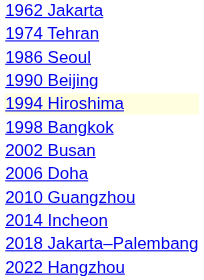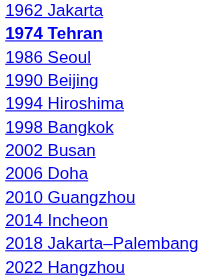 <table>
 <tr>
 <td><a href='#'>1962 Jakarta</a></td>
 <td></td>
 <td></td>
 <td></td>
 </tr>
 <tr>
-<td><a href='#'>1974 Tehran</a></td>
+<td><strong><a href='#'>1974 Tehran</a></strong></td>
 <td></td>
 <td></td>
 <td></td>
 </tr>
 <tr>
 <td><a href='#'>1986 Seoul</a></td>
 <td></td>
 <td></td>
 <td></td>
 </tr>
 <tr>
 <td><a href='#'>1990 Beijing</a></td>
 <td></td>
 <td></td>
 <td></td>
 </tr>
 <tr>
-<td style="background: lightyellow;"><a href='#'>1994 Hiroshima</a></td>
+<td><a href='#'>1994 Hiroshima</a></td>
 <td></td>
 <td></td>
 <td></td>
 </tr>
 <tr>
 <td><a href='#'>1998 Bangkok</a></td>
 <td></td>
 <td></td>
 <td></td>
 </tr>
 <tr>
 <td><a href='#'>2002 Busan</a></td>
 <td></td>
 <td></td>
 <td></td>
 </tr>
 <tr>
 <td rowspan=2><a href='#'>2006 Doha</a></td>
 <td rowspan=2></td>
 <td rowspan=2></td>
 <td></td>
 </tr>
 <tr>
 <td></td>
 </tr>
 <tr>
 <td rowspan=2><a href='#'>2010 Guangzhou</a></td>
 <td rowspan=2></td>
 <td rowspan=2></td>
 <td></td>
 </tr>
 <tr>
 <td></td>
 </tr>
 <tr>
 <td rowspan=2><a href='#'>2014 Incheon</a></td>
 <td rowspan=2></td>
 <td rowspan=2></td>
 <td></td>
 </tr>
 <tr>
 <td></td>
 </tr>
 <tr>
 <td rowspan=2><a href='#'>2018 Jakarta–Palembang</a></td>
 <td rowspan=2></td>
 <td rowspan=2></td>
 <td></td>
 </tr>
 <tr>
 <td></td>
 </tr>
 <tr>
 <td rowspan=2><a href='#'>2022 Hangzhou</a></td>
 <td rowspan=2></td>
 <td rowspan=2></td>
 <td></td>
 </tr>
 <tr>
 <td></td>
 </tr>
 </table>
